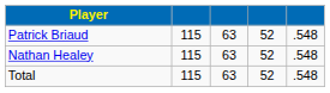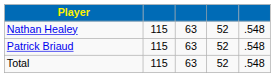 <table class="wikitable" style="text-align:center">
 <tr>
 <th style="background:#006bb6; color:#fff200" width="200px">Player</th>
 <th style="background:#006bb6; color:#fff200" width="40px"></th>
 <th style="background:#006bb6; color:#fff200" width="40px"></th>
 <th style="background:#006bb6; color:#fff200" width="40px"></th>
 <th style="background:#006bb6; color:#fff200" width="40px"></th>
 </tr>
 <tr>
-<td style="text-align:left"><a href='#'>Patrick Briaud</a></td>
+<td style="text-align:left"><a href='#'>Nathan Healey</a></td>
 <td>115</td>
 <td>63</td>
 <td>52</td>
 <td>.548</td>
 </tr>
 <tr>
-<td style="text-align:left"><a href='#'>Nathan Healey</a></td>
+<td style="text-align:left"><a href='#'>Patrick Briaud</a></td>
 <td>115</td>
 <td>63</td>
 <td>52</td>
 <td>.548</td>
 </tr>
 <tr>
 <td style="text-align:left">Total</td>
 <td>115</td>
 <td>63</td>
 <td>52</td>
 <td>.548</td>
 </tr>
 </table>
